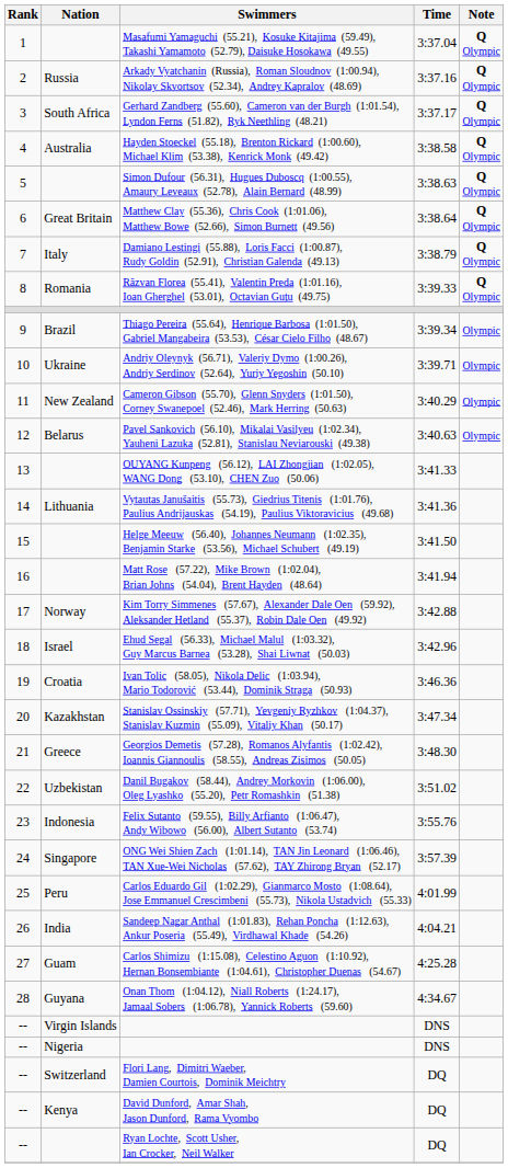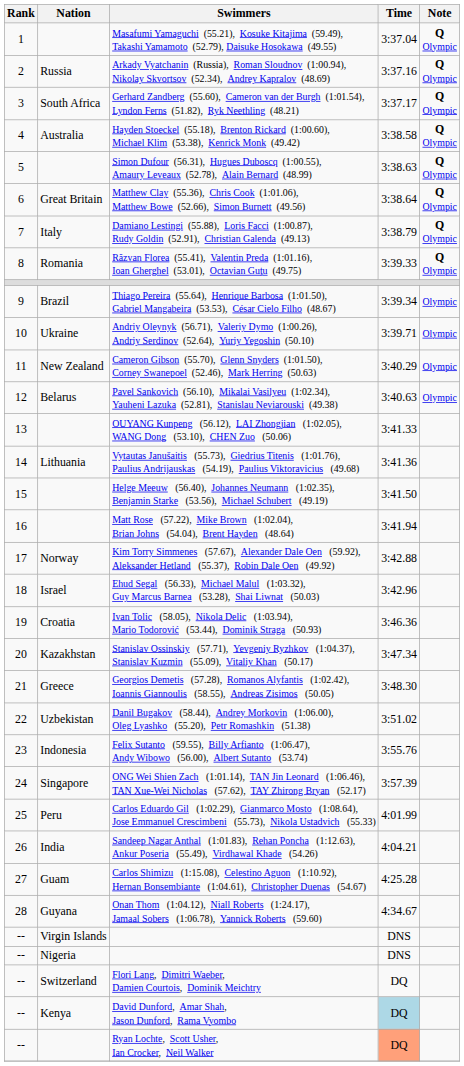 <table class="wikitable" style="text-align:center">
 <tr>
 <th>Rank</th>
 <th>Nation</th>
 <th>Swimmers</th>
 <th>Time</th>
 <th>Note</th>
 </tr>
 <tr>
 <td>1</td>
 <td align=left></td>
 <td align=left><small><a href='#'>Masafumi Yamaguchi</a>  (55.21),  <a href='#'>Kosuke Kitajima</a>  (59.49),<br><a href='#'>Takashi Yamamoto</a>  (52.79), <a href='#'>Daisuke Hosokawa</a>  (49.55) </small></td>
 <td>3:37.04</td>
 <td><strong>Q</strong> <br><small><a href='#'>Olympic</a></small></td>
 </tr>
 <tr>
 <td>2</td>
 <td align=left> Russia</td>
 <td align=left><small> <a href='#'>Arkady Vyatchanin</a>  (Russia),  <a href='#'>Roman Sloudnov</a>  (1:00.94),<br><a href='#'>Nikolay Skvortsov</a>  (52.34),  <a href='#'>Andrey Kapralov</a>  (48.69) </small></td>
 <td>3:37.16</td>
 <td><strong>Q</strong> <br><small><a href='#'>Olympic</a></small></td>
 </tr>
 <tr>
 <td>3</td>
 <td align=left> South Africa</td>
 <td align=left><small> <a href='#'>Gerhard Zandberg</a>  (55.60),  <a href='#'>Cameron van der Burgh</a>  (1:01.54),<br><a href='#'>Lyndon Ferns</a>  (51.82),  <a href='#'>Ryk Neethling</a>  (48.21) </small></td>
 <td>3:37.17</td>
 <td><strong>Q</strong> <br><small><a href='#'>Olympic</a></small></td>
 </tr>
 <tr>
 <td>4</td>
 <td align=left> Australia</td>
 <td align=left><small> <a href='#'>Hayden Stoeckel</a>  (55.18),  <a href='#'>Brenton Rickard</a>  (1:00.60),<br><a href='#'>Michael Klim</a>  (53.38),  <a href='#'>Kenrick Monk</a>  (49.42) </small></td>
 <td>3:38.58</td>
 <td><strong>Q</strong> <br><small><a href='#'>Olympic</a></small></td>
 </tr>
 <tr>
 <td>5</td>
 <td align=left></td>
 <td align=left><small> <a href='#'>Simon Dufour</a>  (56.31),  <a href='#'>Hugues Duboscq</a>  (1:00.55),<br><a href='#'>Amaury Leveaux</a>  (52.78),  <a href='#'>Alain Bernard</a>  (48.99) </small></td>
 <td>3:38.63</td>
 <td><strong>Q</strong> <br><small><a href='#'>Olympic</a></small></td>
 </tr>
 <tr>
 <td>6</td>
 <td align=left> Great Britain</td>
 <td align=left><small> <a href='#'>Matthew Clay</a>  (55.36),  <a href='#'>Chris Cook</a>  (1:01.06),<br><a href='#'>Matthew Bowe</a>  (52.66),  <a href='#'>Simon Burnett</a>  (49.56) </small></td>
 <td>3:38.64</td>
 <td><strong>Q</strong> <br><small><a href='#'>Olympic</a></small></td>
 </tr>
 <tr>
 <td>7</td>
 <td align=left> Italy</td>
 <td align=left><small> <a href='#'>Damiano Lestingi</a>  (55.88),  <a href='#'>Loris Facci</a>  (1:00.87),<br><a href='#'>Rudy Goldin</a>  (52.91),  <a href='#'>Christian Galenda</a>  (49.13) </small></td>
 <td>3:38.79</td>
 <td><strong>Q</strong> <br><small><a href='#'>Olympic</a></small></td>
 </tr>
 <tr>
 <td>8</td>
 <td align=left> Romania</td>
 <td align=left><small> <a href='#'>Răzvan Florea</a>  (55.41),  <a href='#'>Valentin Preda</a>  (1:01.16),<br><a href='#'>Ioan Gherghel</a>  (53.01),  <a href='#'>Octavian Guţu</a>  (49.75) </small></td>
 <td>3:39.33</td>
 <td><strong>Q</strong> <br><small><a href='#'>Olympic</a></small></td>
 </tr>
 <tr bgcolor=#DDDDDD>
 <td colspan=5></td>
 </tr>
 <tr>
 <td>9</td>
 <td align=left> Brazil</td>
 <td align=left><small> <a href='#'>Thiago Pereira</a>  (55.64),  <a href='#'>Henrique Barbosa</a>  (1:01.50),<br> <a href='#'>Gabriel Mangabeira</a>  (53.53),  <a href='#'>César Cielo Filho</a>  (48.67) </small></td>
 <td>3:39.34</td>
 <td><small><a href='#'>Olympic</a></small></td>
 </tr>
 <tr>
 <td>10</td>
 <td align=left> Ukraine</td>
 <td align=left><small> <a href='#'>Andriy Oleynyk</a>  (56.71),  <a href='#'>Valeriy Dymo</a>  (1:00.26),<br> <a href='#'>Andriy Serdinov</a>  (52.64),  <a href='#'>Yuriy Yegoshin</a>  (50.10) </small></td>
 <td>3:39.71</td>
 <td><small><a href='#'>Olympic</a></small></td>
 </tr>
 <tr>
 <td>11</td>
 <td align=left> New Zealand</td>
 <td align=left><small> <a href='#'>Cameron Gibson</a>  (55.70),  <a href='#'>Glenn Snyders</a>  (1:01.50),<br> <a href='#'>Corney Swanepoel</a>  (52.46),  <a href='#'>Mark Herring</a>  (50.63) </small></td>
 <td>3:40.29</td>
 <td><small><a href='#'>Olympic</a></small></td>
 </tr>
 <tr>
 <td>12</td>
 <td align=left> Belarus</td>
 <td align=left><small> <a href='#'>Pavel Sankovich</a>  (56.10),  <a href='#'>Mikalai Vasilyeu</a>  (1:02.34),<br> <a href='#'>Yauheni Lazuka</a>  (52.81),  <a href='#'>Stanislau Neviarouski</a>  (49.38) </small></td>
 <td>3:40.63</td>
 <td><small><a href='#'>Olympic</a></small></td>
 </tr>
 <tr>
 <td>13</td>
 <td align=left></td>
 <td align=left><small> <a href='#'>OUYANG Kunpeng</a>   (56.12),  <a href='#'>LAI Zhongjian</a>   (1:02.05), <br> <a href='#'>WANG Dong</a>   (53.10),  <a href='#'>CHEN Zuo</a>   (50.06) </small></td>
 <td>3:41.33</td>
 <td></td>
 </tr>
 <tr>
 <td>14</td>
 <td align=left> Lithuania</td>
 <td align=left><small> <a href='#'>Vytautas Janušaitis</a>   (55.73),  <a href='#'>Giedrius Titenis</a>   (1:01.76), <br> <a href='#'>Paulius Andrijauskas</a>   (54.19),  <a href='#'>Paulius Viktoravicius</a>   (49.68) </small></td>
 <td>3:41.36</td>
 <td></td>
 </tr>
 <tr>
 <td>15</td>
 <td align=left></td>
 <td align=left><small> <a href='#'>Helge Meeuw</a>   (56.40),  <a href='#'>Johannes Neumann</a>   (1:02.35), <br> <a href='#'>Benjamin Starke</a>   (53.56),  <a href='#'>Michael Schubert</a>   (49.19) </small></td>
 <td>3:41.50</td>
 <td></td>
 </tr>
 <tr>
 <td>16</td>
 <td align=left></td>
 <td align=left><small> <a href='#'>Matt Rose</a>   (57.22),  <a href='#'>Mike Brown</a>   (1:02.04), <br> <a href='#'>Brian Johns</a>   (54.04),  <a href='#'>Brent Hayden</a>   (48.64) </small></td>
 <td>3:41.94</td>
 <td></td>
 </tr>
 <tr>
 <td>17</td>
 <td align=left> Norway</td>
 <td align=left><small> <a href='#'>Kim Torry Simmenes</a>   (57.67),  <a href='#'>Alexander Dale Oen</a>   (59.92), <br> <a href='#'>Aleksander Hetland</a>   (55.37),  <a href='#'>Robin Dale Oen</a>   (49.92) </small></td>
 <td>3:42.88</td>
 <td></td>
 </tr>
 <tr>
 <td>18</td>
 <td align=left> Israel</td>
 <td align=left><small> <a href='#'>Ehud Segal</a>   (56.33),  <a href='#'>Michael Malul</a>   (1:03.32), <br> <a href='#'>Guy Marcus Barnea</a>   (53.28),  <a href='#'>Shai Liwnat</a>   (50.03) </small></td>
 <td>3:42.96</td>
 <td></td>
 </tr>
 <tr>
 <td>19</td>
 <td align=left> Croatia</td>
 <td align=left><small> <a href='#'>Ivan Tolic</a>   (58.05),  <a href='#'>Nikola Delic</a>   (1:03.94), <br> <a href='#'>Mario Todorović</a>   (53.44),  <a href='#'>Dominik Straga</a>   (50.93) </small></td>
 <td>3:46.36</td>
 <td></td>
 </tr>
 <tr>
 <td>20</td>
 <td align=left> Kazakhstan</td>
 <td align=left><small> <a href='#'>Stanislav Ossinskiy</a>   (57.71),  <a href='#'>Yevgeniy Ryzhkov</a>   (1:04.37), <br> <a href='#'>Stanislav Kuzmin</a>   (55.09),  <a href='#'>Vitaliy Khan</a>   (50.17) </small></td>
 <td>3:47.34</td>
 <td></td>
 </tr>
 <tr>
 <td>21</td>
 <td align=left> Greece</td>
 <td align=left><small> <a href='#'>Georgios Demetis</a>   (57.28),  <a href='#'>Romanos Alyfantis</a>   (1:02.42), <br> <a href='#'>Ioannis Giannoulis</a>   (58.55),  <a href='#'>Andreas Zisimos</a>   (50.05) </small></td>
 <td>3:48.30</td>
 <td></td>
 </tr>
 <tr>
 <td>22</td>
 <td align=left> Uzbekistan</td>
 <td align=left><small> <a href='#'>Danil Bugakov</a>   (58.44),  <a href='#'>Andrey Morkovin</a>   (1:06.00), <br> <a href='#'>Oleg Lyashko</a>   (55.20),  <a href='#'>Petr Romashkin</a>   (51.38) </small></td>
 <td>3:51.02</td>
 <td></td>
 </tr>
 <tr>
 <td>23</td>
 <td align=left> Indonesia</td>
 <td align=left><small> <a href='#'>Felix Sutanto</a>   (59.55),  <a href='#'>Billy Arfianto</a>   (1:06.47), <br> <a href='#'>Andy Wibowo</a>   (56.00),  <a href='#'>Albert Sutanto</a>   (53.74) </small></td>
 <td>3:55.76</td>
 <td></td>
 </tr>
 <tr>
 <td>24</td>
 <td align=left> Singapore</td>
 <td align=left><small> <a href='#'>ONG Wei Shien Zach</a>   (1:01.14),  <a href='#'>TAN Jin Leonard</a>   (1:06.46), <br> <a href='#'>TAN Xue-Wei Nicholas</a>   (57.62),  <a href='#'>TAY Zhirong Bryan</a>   (52.17) </small></td>
 <td>3:57.39</td>
 <td></td>
 </tr>
 <tr>
 <td>25</td>
 <td align=left> Peru</td>
 <td align=left><small> <a href='#'>Carlos Eduardo Gil</a>   (1:02.29),  <a href='#'>Gianmarco Mosto</a>   (1:08.64), <br> <a href='#'>Jose Emmanuel Crescimbeni</a>   (55.73),  <a href='#'>Nikola Ustadvich</a>   (55.33) </small></td>
 <td>4:01.99</td>
 <td></td>
 </tr>
 <tr>
 <td>26</td>
 <td align=left> India</td>
 <td align=left><small> <a href='#'>Sandeep Nagar Anthal</a>   (1:01.83),  <a href='#'>Rehan Poncha</a>   (1:12.63), <br> <a href='#'>Ankur Poseria</a>   (55.49),  <a href='#'>Virdhawal Khade</a>   (54.26) </small></td>
 <td>4:04.21</td>
 <td></td>
 </tr>
 <tr>
 <td>27</td>
 <td align=left> Guam</td>
 <td align=left><small> <a href='#'>Carlos Shimizu</a>   (1:15.08),  <a href='#'>Celestino Aguon</a>   (1:10.92), <br> <a href='#'>Hernan Bonsembiante</a>   (1:04.61),  <a href='#'>Christopher Duenas</a>   (54.67) </small></td>
 <td>4:25.28</td>
 <td></td>
 </tr>
 <tr>
 <td>28</td>
 <td align=left> Guyana</td>
 <td align=left><small> <a href='#'>Onan Thom</a>   (1:04.12),  <a href='#'>Niall Roberts</a>   (1:24.17), <br> <a href='#'>Jamaal Sobers</a>   (1:06.78),  <a href='#'>Yannick Roberts</a>   (59.60) </small></td>
 <td>4:34.67</td>
 <td></td>
 </tr>
 <tr>
 <td>--</td>
 <td align=left> Virgin Islands</td>
 <td align=left><small>  </small></td>
 <td>DNS</td>
 <td></td>
 </tr>
 <tr>
 <td>--</td>
 <td align=left> Nigeria</td>
 <td align=left><small>  </small></td>
 <td>DNS</td>
 <td></td>
 </tr>
 <tr>
 <td>--</td>
 <td align=left> Switzerland</td>
 <td align=left><small> <a href='#'>Flori Lang</a>,  <a href='#'>Dimitri Waeber</a>, <br> <a href='#'>Damien Courtois</a>,  <a href='#'>Dominik Meichtry</a>  </small></td>
 <td>DQ</td>
 <td></td>
 </tr>
 <tr>
 <td>--</td>
 <td align=left> Kenya</td>
 <td align=left><small> <a href='#'>David Dunford</a>,  <a href='#'>Amar Shah</a>, <br> <a href='#'>Jason Dunford</a>,  <a href='#'>Rama Vyombo</a>  </small></td>
-<td>DQ</td>
+<td style="background: lightblue;">DQ</td>
 <td></td>
 </tr>
 <tr>
 <td>--</td>
 <td align=left></td>
 <td align=left><small>  <a href='#'>Ryan Lochte</a>,  <a href='#'>Scott Usher</a>, <br> <a href='#'>Ian Crocker</a>,  <a href='#'>Neil Walker</a> </small></td>
-<td>DQ</td>
+<td style="background: lightsalmon;">DQ</td>
 <td></td>
 </tr>
 <tr>
 </tr>
 </table>
